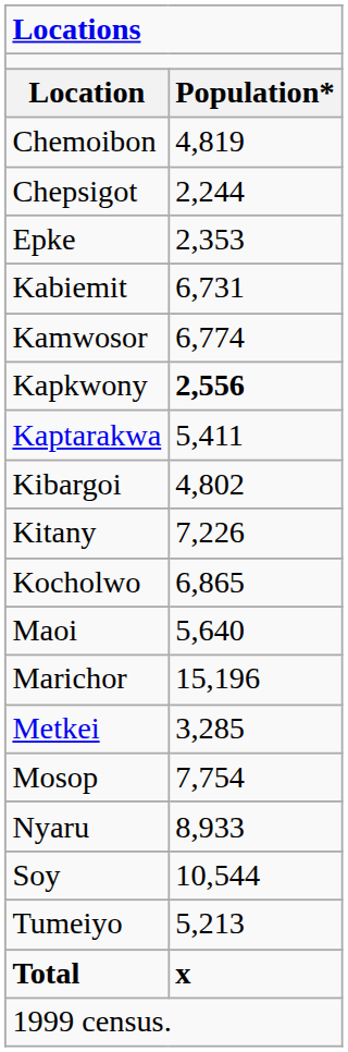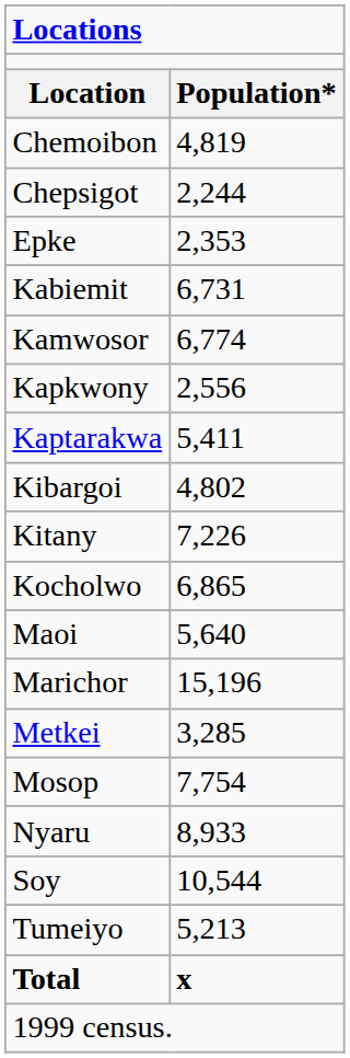 <table class="wikitable">
 <tr>
 <td colspan="2"><strong><a href='#'>Locations</a></strong></td>
 </tr>
 <tr>
 <td colspan="2"></td>
 </tr>
 <tr>
 <th>Location</th>
 <th>Population*</th>
 </tr>
 <tr>
 <td>Chemoibon</td>
 <td>4,819</td>
 </tr>
 <tr>
 <td>Chepsigot</td>
 <td>2,244</td>
 </tr>
 <tr>
 <td>Epke</td>
 <td>2,353</td>
 </tr>
 <tr>
 <td>Kabiemit</td>
 <td>6,731</td>
 </tr>
 <tr>
 <td>Kamwosor</td>
 <td>6,774</td>
 </tr>
 <tr>
 <td>Kapkwony</td>
-<td><strong>2,556</strong></td>
+<td>2,556</td>
 </tr>
 <tr>
 <td><a href='#'>Kaptarakwa</a></td>
 <td>5,411</td>
 </tr>
 <tr>
 <td>Kibargoi</td>
 <td>4,802</td>
 </tr>
 <tr>
 <td>Kitany</td>
 <td>7,226</td>
 </tr>
 <tr>
 <td>Kocholwo</td>
 <td>6,865</td>
 </tr>
 <tr>
 <td>Maoi</td>
 <td>5,640</td>
 </tr>
 <tr>
 <td>Marichor</td>
 <td>15,196</td>
 </tr>
 <tr>
 <td><a href='#'>Metkei</a></td>
 <td>3,285</td>
 </tr>
 <tr>
 <td>Mosop</td>
 <td>7,754</td>
 </tr>
 <tr>
 <td>Nyaru</td>
 <td>8,933</td>
 </tr>
 <tr>
 <td>Soy</td>
 <td>10,544</td>
 </tr>
 <tr>
 <td>Tumeiyo</td>
 <td>5,213</td>
 </tr>
 <tr>
 <td><strong>Total</strong></td>
 <td><strong>x</strong></td>
 </tr>
 <tr>
 <td colspan="2">1999 census.</td>
 </tr>
 </table>
